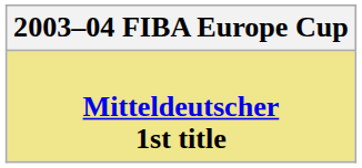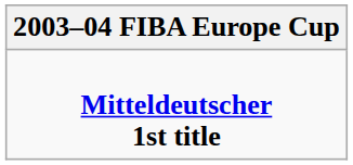 <table class=wikitable style="text-align:center; margin:auto">
 <tr>
 <th>2003–04 FIBA Europe Cup</th>
 </tr>
 <tr>
-<td style="background: khaki;"> <br> <strong><a href='#'>Mitteldeutscher</a></strong> <br> <strong>1st title</strong></td>
+<td> <br> <strong><a href='#'>Mitteldeutscher</a></strong> <br> <strong>1st title</strong></td>
 </tr>
 </table>
